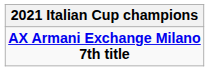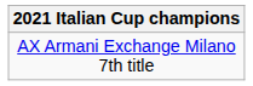 <table class=wikitable style="text-align:center; margin:auto">
 <tr>
 <th>2021 Italian Cup champions</th>
 </tr>
 <tr>
-<td><strong><a href='#'>AX Armani Exchange Milano</a> <br> 7th title</strong></td>
+<td><a href='#'>AX Armani Exchange Milano</a> <br> 7th title</td>
 </tr>
 </table>
